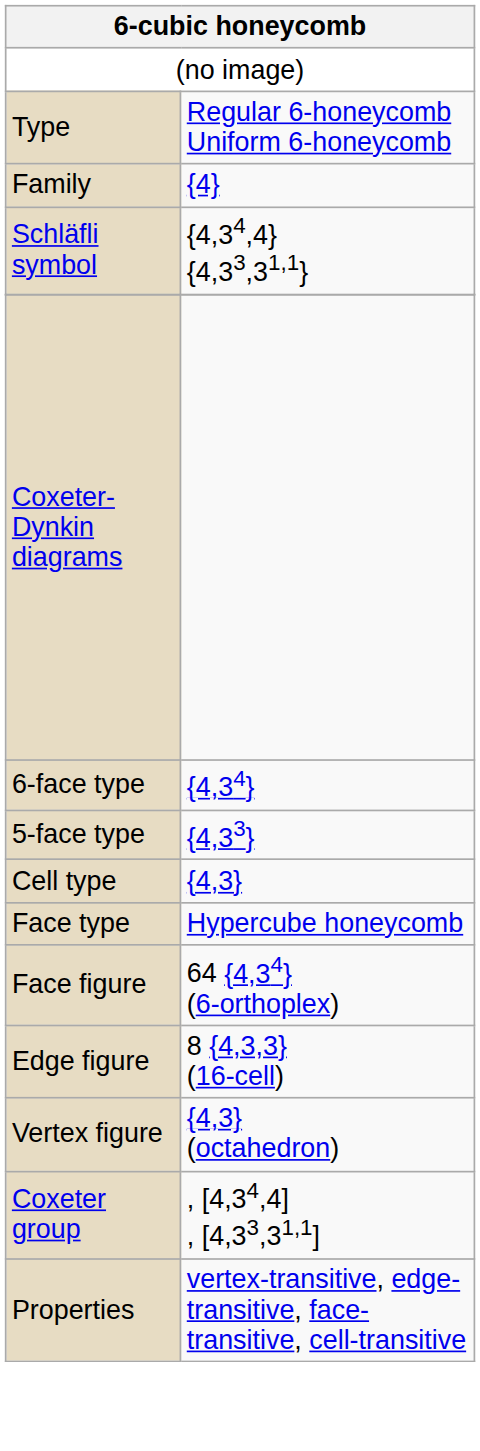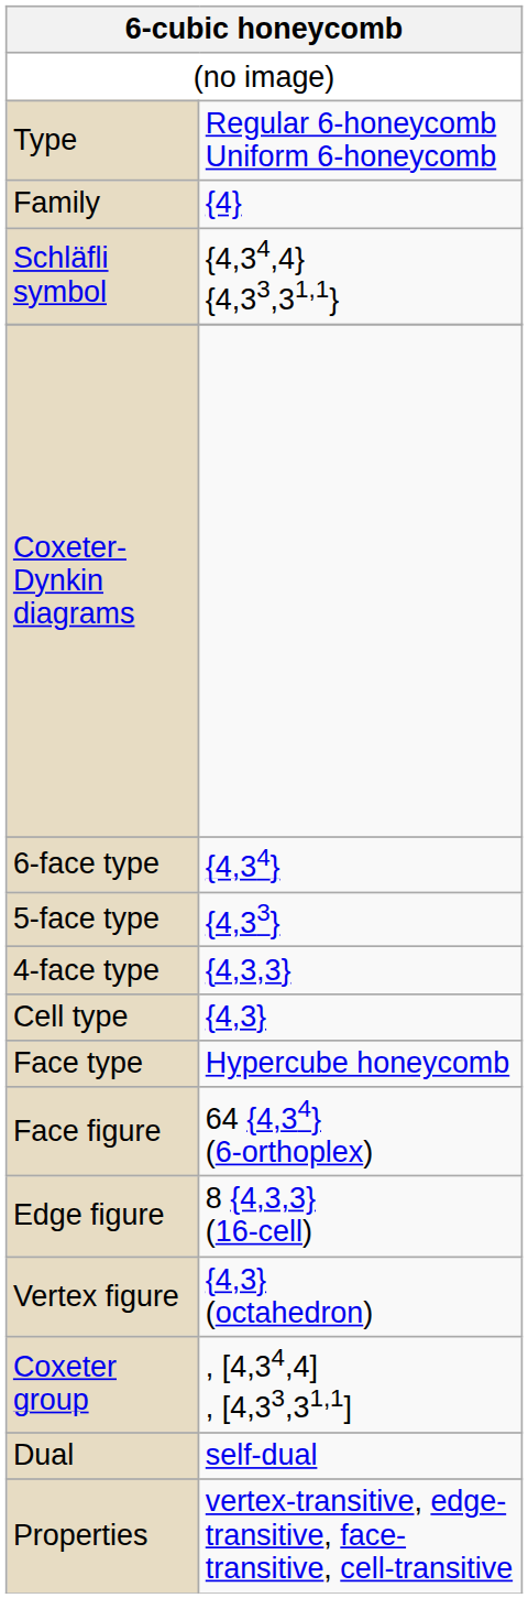 <table class="wikitable" align="right" style="margin-left:10px" width="280">
 <tr>
 <th bgcolor=#e7dcc3 colspan=2>6-cubic honeycomb</th>
 </tr>
 <tr>
 <td bgcolor=#ffffff align=center colspan=2>(no image)</td>
 </tr>
 <tr>
 <td bgcolor=#e7dcc3>Type</td>
 <td><a href='#'>Regular 6-honeycomb</a><br><a href='#'>Uniform 6-honeycomb</a></td>
 </tr>
 <tr>
 <td bgcolor=#e7dcc3>Family</td>
 <td><a href='#'>{4}</a></td>
 </tr>
 <tr>
 <td bgcolor=#e7dcc3><a href='#'>Schläfli symbol</a></td>
 <td>{4,3<sup>4</sup>,4}<br>{4,3<sup>3</sup>,3<sup>1,1</sup>}</td>
 </tr>
 <tr>
 </tr>
 <tr>
 <td bgcolor=#e7dcc3><a href='#'>Coxeter-Dynkin diagrams</a></td>
 <td><br><br><br><br><br> <br><br> <br><br> <br><br> <br> <br> <br> <br></td>
 </tr>
 <tr>
 <td bgcolor=#e7dcc3>6-face type</td>
 <td><a href='#'>{4,3<sup>4</sup>}</a></td>
 </tr>
 <tr>
 <td bgcolor=#e7dcc3>5-face type</td>
 <td><a href='#'>{4,3<sup>3</sup>}</a></td>
 </tr>
 <tr>
+<td bgcolor=#e7dcc3>4-face type</td>
+<td><a href='#'>{4,3,3}</a></td>
+</tr>
+<tr>
 <td bgcolor=#e7dcc3>Cell type</td>
 <td><a href='#'>{4,3}</a></td>
 </tr>
 <tr>
 <td bgcolor=#e7dcc3>Face type</td>
 <td><a href='#'>Hypercube honeycomb</a></td>
 </tr>
 <tr>
 <td bgcolor=#e7dcc3>Face figure</td>
 <td>64 <a href='#'>{4,3<sup>4</sup>}</a><br>(<a href='#'>6-orthoplex</a>)</td>
 </tr>
 <tr>
 <td bgcolor=#e7dcc3>Edge figure</td>
 <td>8 <a href='#'>{4,3,3}</a><br>(<a href='#'>16-cell</a>)</td>
 </tr>
 <tr>
 <td bgcolor=#e7dcc3>Vertex figure</td>
 <td><a href='#'>{4,3}</a><br>(<a href='#'>octahedron</a>)</td>
 </tr>
 <tr>
 <td bgcolor=#e7dcc3><a href='#'>Coxeter group</a></td>
 <td>, [4,3<sup>4</sup>,4]<br>, [4,3<sup>3</sup>,3<sup>1,1</sup>]</td>
 </tr>
 <tr>
+<td bgcolor=#e7dcc3>Dual</td>
+<td><a href='#'>self-dual</a></td>
+</tr>
+<tr>
 <td bgcolor=#e7dcc3>Properties</td>
 <td><a href='#'>vertex-transitive</a>, <a href='#'>edge-transitive</a>, <a href='#'>face-transitive</a>, <a href='#'>cell-transitive</a></td>
 </tr>
 </table>
